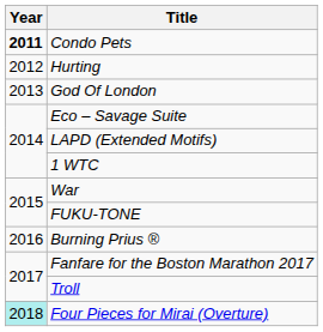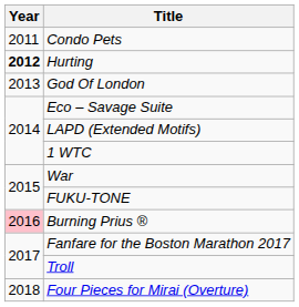 <table class="wikitable">
 <tr>
 <th>Year</th>
 <th>Title</th>
 </tr>
 <tr>
-<td><strong>2011</strong></td>
+<td>2011</td>
 <td><em>Condo Pets</em></td>
 </tr>
 <tr>
-<td>2012</td>
+<td><strong>2012</strong></td>
 <td><em>Hurting</em></td>
 </tr>
 <tr>
 <td>2013</td>
 <td><em>God Of London</em></td>
 </tr>
 <tr>
 <td rowspan="3">2014</td>
 <td><em>Eco – Savage Suite</em></td>
 </tr>
 <tr>
 <td><em>LAPD (Extended Motifs)</em></td>
 </tr>
 <tr>
 <td><em>1 WTC</em></td>
 </tr>
 <tr>
 <td rowspan="2">2015</td>
 <td><em>War</em></td>
 </tr>
 <tr>
 <td><em>FUKU-TONE</em></td>
 </tr>
 <tr>
-<td>2016</td>
+<td style="background: pink;">2016</td>
 <td><em>Burning Prius ®</em></td>
 </tr>
 <tr>
 <td rowspan="2">2017</td>
 <td><em>Fanfare for the Boston Marathon 2017</em></td>
 </tr>
 <tr>
 <td><em><a href='#'>Troll</a></em></td>
 </tr>
 <tr>
-<td style="background: paleturquoise;">2018</td>
+<td>2018</td>
 <td><em><a href='#'>Four Pieces for Mirai (Overture)</a></em></td>
 </tr>
 </table>
